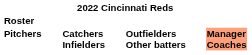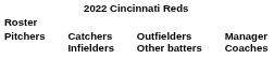 <table class="toccolours" style="font-size: 95%;">
 <tr>
 <th colspan="10">2022 Cincinnati Reds</th>
 </tr>
 <tr>
 <td colspan="10"><strong>Roster</strong></td>
 </tr>
 <tr>
 <td valign="top"><strong>Pitchers</strong><br>                                   </td>
 <td width="25px"></td>
 <td valign="top"><strong>Catchers</strong><br>       <strong>Infielders</strong>             </td>
 <td width="25px"></td>
 <td valign="top"><strong>Outfielders</strong><br>          <strong>Other batters</strong> </td>
 <td width="25px"></td>
-<td valign="top" style="background: lightsalmon;"><strong>Manager</strong><br> <strong>Coaches</strong>                            </td>
+<td valign="top"><strong>Manager</strong><br> <strong>Coaches</strong>                            </td>
 </tr>
 </table>
